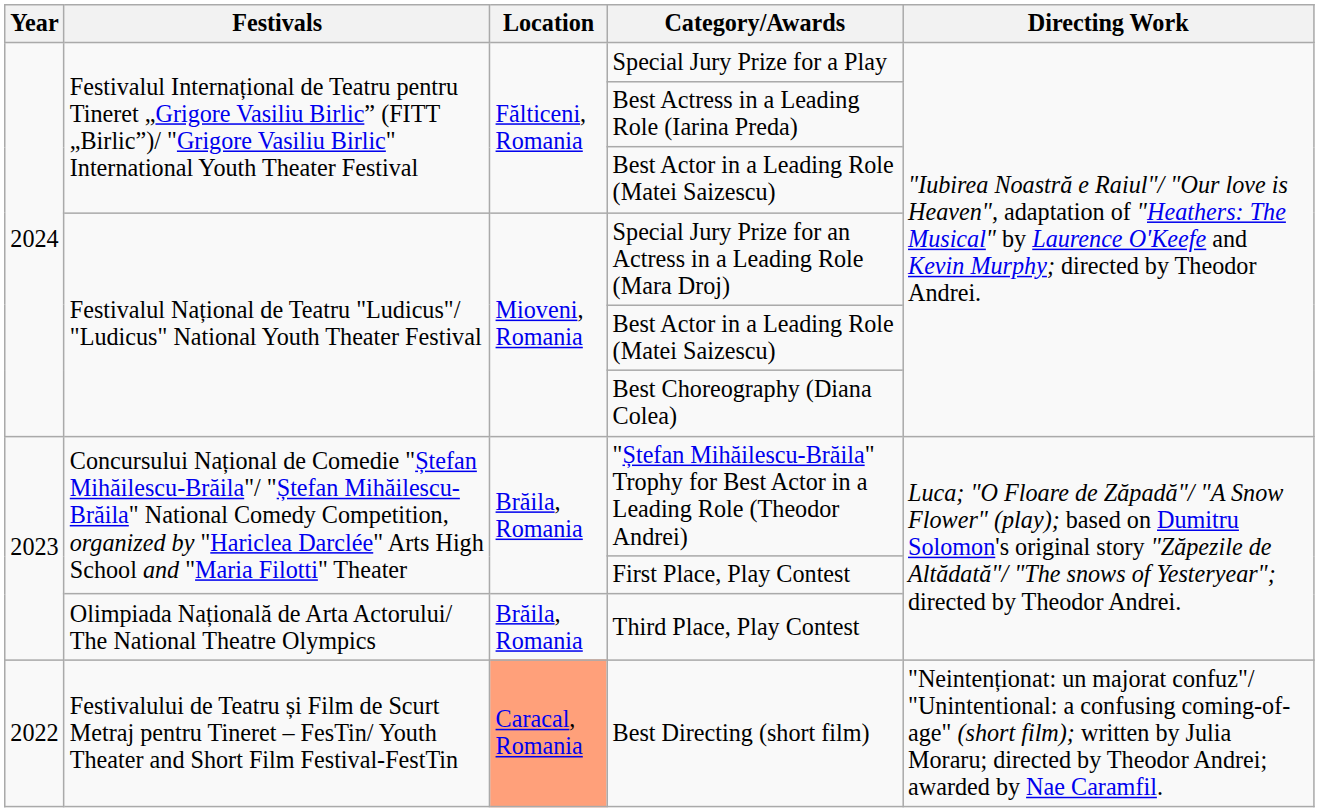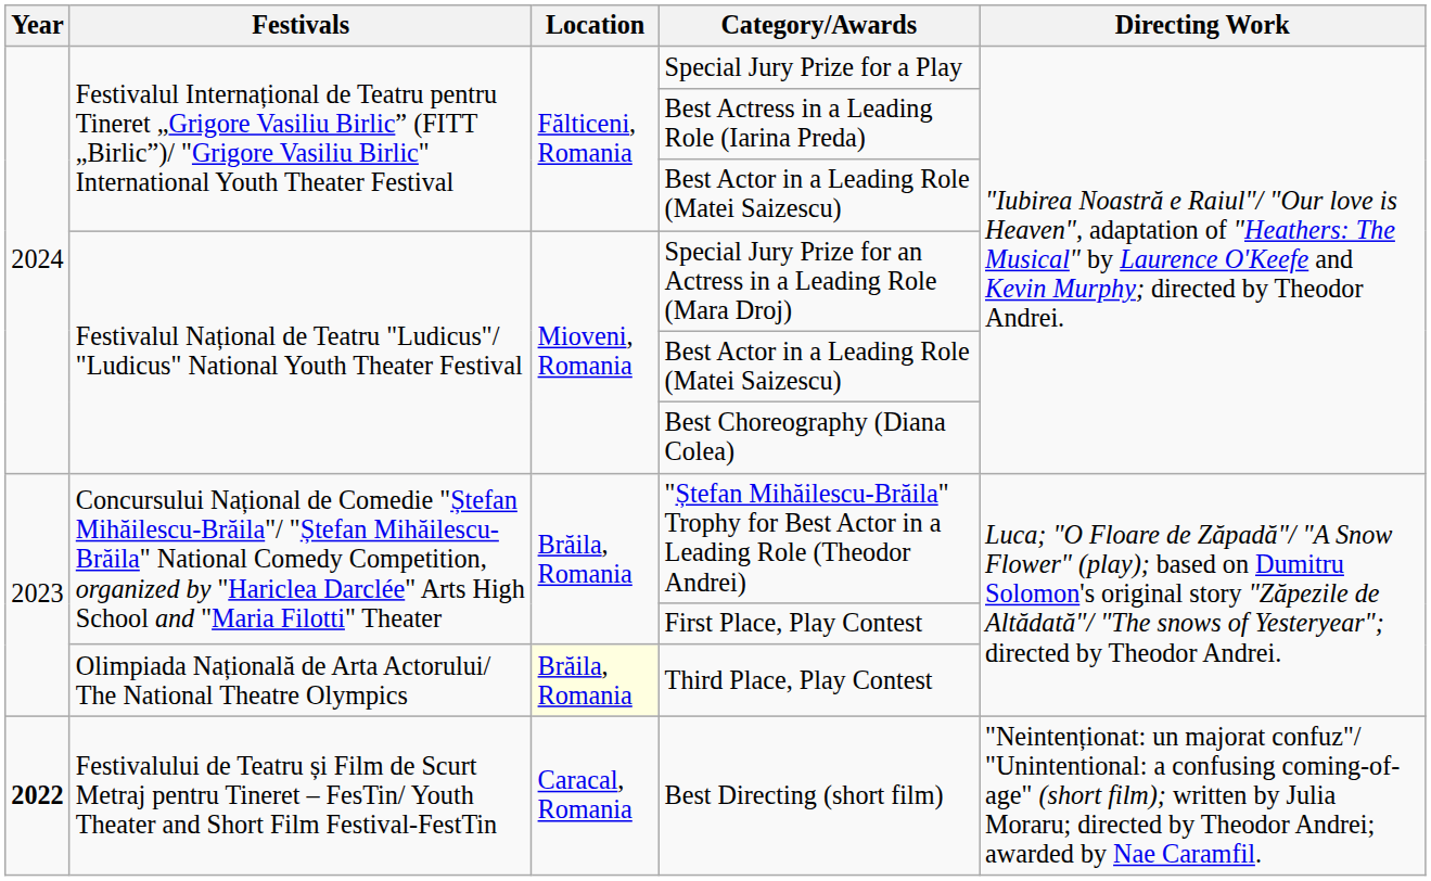 <table class="wikitable">
 <tr>
 <th>Year</th>
 <th>Festivals</th>
 <th>Location</th>
 <th>Category/Awards</th>
 <th>Directing Work</th>
 </tr>
 <tr>
 <td rowspan="6">2024</td>
 <td rowspan="3">Festivalul Internațional de Teatru pentru Tineret „<a href='#'>Grigore Vasiliu Birlic</a>” (FITT „Birlic”)/ "<a href='#'>Grigore Vasiliu Birlic</a>" International Youth Theater Festival</td>
 <td rowspan="3"><a href='#'>Fălticeni</a>, <a href='#'>Romania</a></td>
 <td>Special Jury Prize for a Play</td>
 <td rowspan="6"><em>"Iubirea Noastră e Raiul"/ "Our love is Heaven",</em> adaptation of <em>"<a href='#'>Heathers: The Musical</a>"</em> by <em><a href='#'>Laurence O'Keefe</a></em> and <em><a href='#'>Kevin Murphy</a>;</em> directed by Theodor Andrei.</td>
 </tr>
 <tr>
 <td>Best Actress in a Leading Role (Iarina Preda)</td>
 </tr>
 <tr>
 <td>Best Actor in a  Leading Role (Matei Saizescu)</td>
 </tr>
 <tr>
 <td rowspan="3">Festivalul Național de Teatru "Ludicus"/ "Ludicus" National Youth Theater Festival</td>
 <td rowspan="3"><a href='#'>Mioveni</a>,<br><a href='#'>Romania</a></td>
 <td>Special Jury Prize for an Actress in a Leading Role (Mara Droj)</td>
 </tr>
 <tr>
 <td>Best Actor in a Leading Role (Matei Saizescu)</td>
 </tr>
 <tr>
 <td>Best Choreography (Diana Colea)</td>
 </tr>
 <tr>
 <td rowspan="3">2023</td>
 <td rowspan="2">Concursului Național de Comedie "<a href='#'>Ștefan Mihăilescu-Brăila</a>"/ "<a href='#'>Ștefan Mihăilescu-Brăila</a>" National Comedy Competition, <em>organized by</em> "<a href='#'>Hariclea Darclée</a>" Arts High School <em>and</em> "<a href='#'>Maria Filotti</a>" Theater</td>
 <td rowspan="2"><a href='#'>Brăila</a>, <a href='#'>Romania</a></td>
 <td>"<a href='#'>Ștefan Mihăilescu-Brăila</a>" Trophy for Best Actor in a  Leading Role (Theodor Andrei)</td>
 <td rowspan="3"><em>Luca; "O Floare de Zăpadă"/ "A Snow Flower" (play);</em> based on <a href='#'>Dumitru Solomon</a>'s original story <em>"Zăpezile de Altădată"/ "The snows of Yesteryear";</em> directed by Theodor Andrei.</td>
 </tr>
 <tr>
 <td>First Place, Play Contest</td>
 </tr>
 <tr>
 <td>Olimpiada Națională de Arta Actorului/ The National Theatre Olympics</td>
-<td><a href='#'>Brăila</a>, <a href='#'>Romania</a></td>
+<td style="background: lightyellow;"><a href='#'>Brăila</a>, <a href='#'>Romania</a></td>
 <td>Third Place, Play Contest</td>
 </tr>
 <tr>
-<td>2022</td>
+<td><strong>2022</strong></td>
 <td>Festivalului de Teatru și Film de Scurt Metraj pentru Tineret – FesTin/ Youth Theater and Short Film Festival-FestTin</td>
-<td style="background: lightsalmon;"><a href='#'>Caracal</a>, <a href='#'>Romania</a></td>
+<td><a href='#'>Caracal</a>, <a href='#'>Romania</a></td>
 <td>Best Directing (short film)</td>
 <td>"Neintenționat: un majorat confuz"/ "Unintentional: a confusing coming-of-age" <em>(short film);</em> written by Julia Moraru; directed by Theodor Andrei; awarded by <a href='#'>Nae Caramfil</a>.</td>
 </tr>
 </table>
